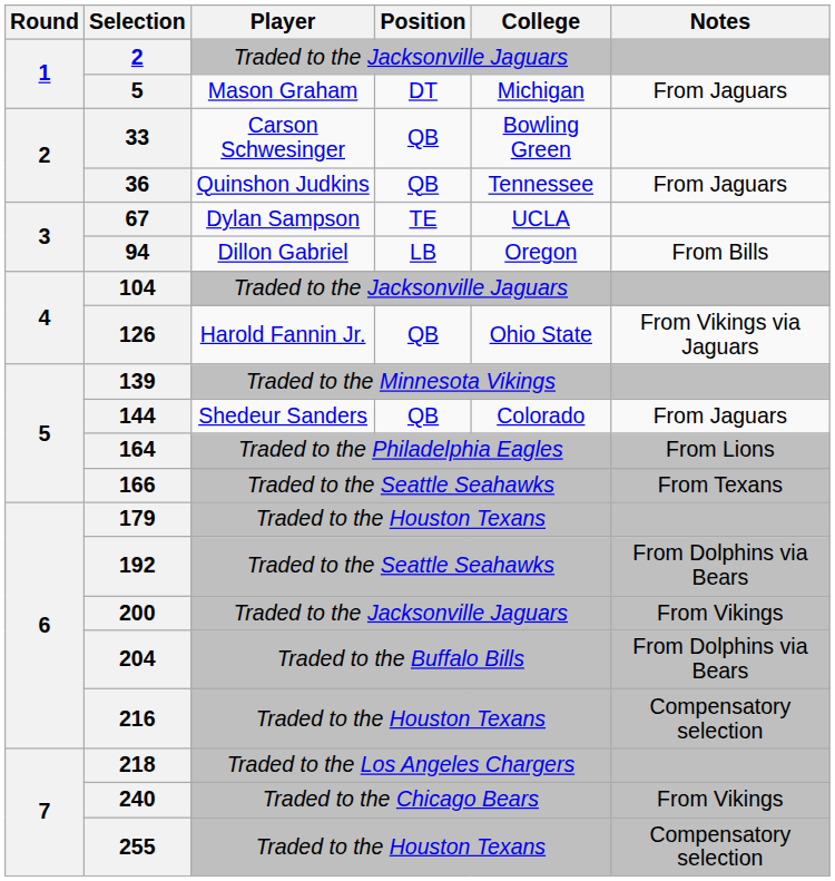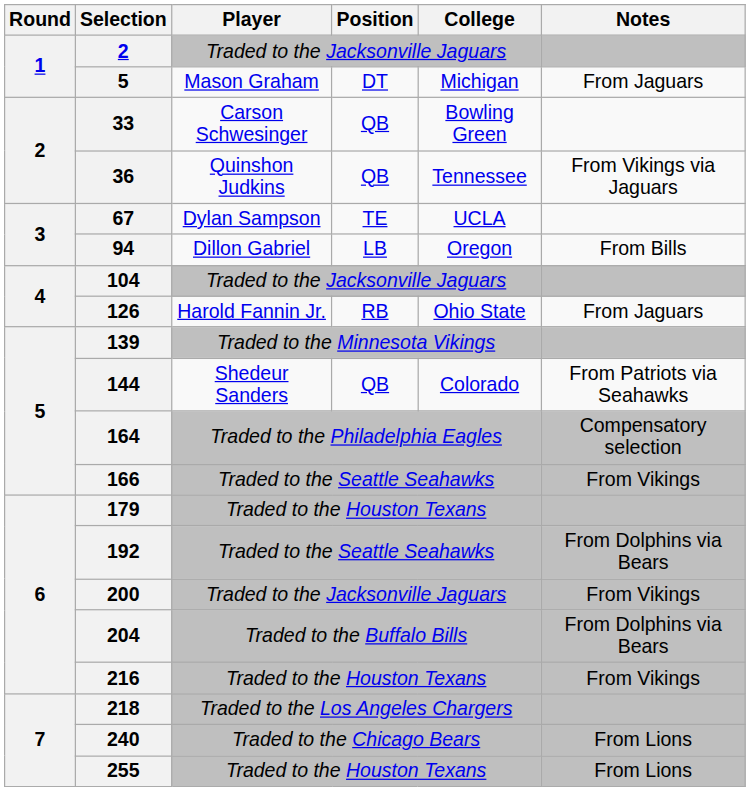 <table class="wikitable" style="text-align:center">
 <tr>
 <th>Round</th>
 <th>Selection</th>
 <th>Player</th>
 <th>Position</th>
 <th>College</th>
 <th>Notes</th>
 </tr>
 <tr>
 <th rowspan="2"><a href='#'>1</a></th>
 <th><a href='#'>2</a></th>
 <td colspan="3" style="background:#BFBFBF"><em>Traded to the <a href='#'>Jacksonville Jaguars</a></em></td>
 <td style="background:#BFBFBF"></td>
 </tr>
 <tr>
 <th>5</th>
 <td><a href='#'>Mason Graham</a></td>
 <td><a href='#'>DT</a></td>
 <td><a href='#'>Michigan</a></td>
 <td>From Jaguars</td>
 </tr>
 <tr>
 <th rowspan="2">2</th>
 <th>33</th>
 <td><a href='#'>Carson Schwesinger</a></td>
 <td><a href='#'>QB</a></td>
 <td><a href='#'>Bowling Green</a></td>
 <td></td>
 </tr>
 <tr>
 <th>36</th>
 <td><a href='#'>Quinshon Judkins</a></td>
 <td><a href='#'>QB</a></td>
 <td><a href='#'>Tennessee</a></td>
-<td>From Jaguars</td>
+<td>From Vikings via Jaguars</td>
 </tr>
 <tr>
 <th rowspan="2">3</th>
 <th>67</th>
 <td><a href='#'>Dylan Sampson</a></td>
 <td><a href='#'>TE</a></td>
 <td><a href='#'>UCLA</a></td>
 <td></td>
 </tr>
 <tr>
 <th>94</th>
 <td><a href='#'>Dillon Gabriel</a></td>
 <td><a href='#'>LB</a></td>
 <td><a href='#'>Oregon</a></td>
 <td>From Bills</td>
 </tr>
 <tr>
 <th rowspan="2">4</th>
 <th>104</th>
 <td colspan="3" style="background:#BFBFBF"><em>Traded to the <a href='#'>Jacksonville Jaguars</a></em></td>
 <td style="background:#BFBFBF"></td>
 </tr>
 <tr>
 <th>126</th>
 <td><a href='#'>Harold Fannin Jr.</a></td>
-<td><a href='#'>QB</a></td>
+<td><a href='#'>RB</a></td>
 <td><a href='#'>Ohio State</a></td>
-<td>From Vikings via Jaguars</td>
+<td>From Jaguars</td>
 </tr>
 <tr>
 <th rowspan="4">5</th>
 <th>139</th>
 <td colspan="3" style="background:#BFBFBF"><em>Traded to the <a href='#'>Minnesota Vikings</a></em></td>
 <td style="background:#BFBFBF"></td>
 </tr>
 <tr>
 <th>144</th>
 <td><a href='#'>Shedeur Sanders</a></td>
 <td><a href='#'>QB</a></td>
 <td><a href='#'>Colorado</a></td>
-<td>From Jaguars</td>
+<td>From Patriots via Seahawks</td>
 </tr>
 <tr>
 <th>164</th>
 <td colspan="3" style="background:#BFBFBF"><em>Traded to the <a href='#'>Philadelphia Eagles</a></em></td>
-<td style="background:#BFBFBF">From Lions</td>
+<td style="background:#BFBFBF">Compensatory selection</td>
 </tr>
 <tr>
 <th>166</th>
 <td colspan="3" style="background:#BFBFBF"><em>Traded to the <a href='#'>Seattle Seahawks</a></em></td>
-<td style="background:#BFBFBF">From Texans</td>
+<td style="background:#BFBFBF">From Vikings</td>
 </tr>
 <tr>
 <th rowspan="5">6</th>
 <th>179</th>
 <td colspan="3" style="background:#BFBFBF"><em>Traded to the <a href='#'>Houston Texans</a></em></td>
 <td style="background:#BFBFBF"></td>
 </tr>
 <tr>
 <th>192</th>
 <td colspan="3" style="background:#BFBFBF"><em>Traded to the <a href='#'>Seattle Seahawks</a></em></td>
 <td style="background:#BFBFBF">From Dolphins via Bears</td>
 </tr>
 <tr>
 <th>200</th>
 <td colspan="3" style="background:#BFBFBF"><em>Traded to the <a href='#'>Jacksonville Jaguars</a></em></td>
 <td style="background:#BFBFBF">From Vikings</td>
 </tr>
 <tr>
 <th>204</th>
 <td colspan="3" style="background:#BFBFBF"><em>Traded to the <a href='#'>Buffalo Bills</a></em></td>
 <td style="background:#BFBFBF">From Dolphins via Bears</td>
 </tr>
 <tr>
 <th>216</th>
 <td colspan="3" style="background:#BFBFBF"><em>Traded to the <a href='#'>Houston Texans</a></em></td>
-<td style="background:#BFBFBF">Compensatory selection</td>
+<td style="background:#BFBFBF">From Vikings</td>
 </tr>
 <tr>
 <th rowspan="3">7</th>
 <th>218</th>
 <td colspan="3" style="background:#BFBFBF"><em>Traded to the <a href='#'>Los Angeles Chargers</a></em></td>
 <td style="background:#BFBFBF"></td>
 </tr>
 <tr>
 <th>240</th>
 <td colspan="3" style="background:#BFBFBF"><em>Traded to the <a href='#'>Chicago Bears</a></em></td>
-<td style="background:#BFBFBF">From Vikings</td>
+<td style="background:#BFBFBF">From Lions</td>
 </tr>
 <tr>
 <th>255</th>
 <td colspan="3" style="background:#BFBFBF"><em>Traded to the <a href='#'>Houston Texans</a></em></td>
-<td style="background:#BFBFBF">Compensatory selection</td>
+<td style="background:#BFBFBF">From Lions</td>
 </tr>
 </table>
